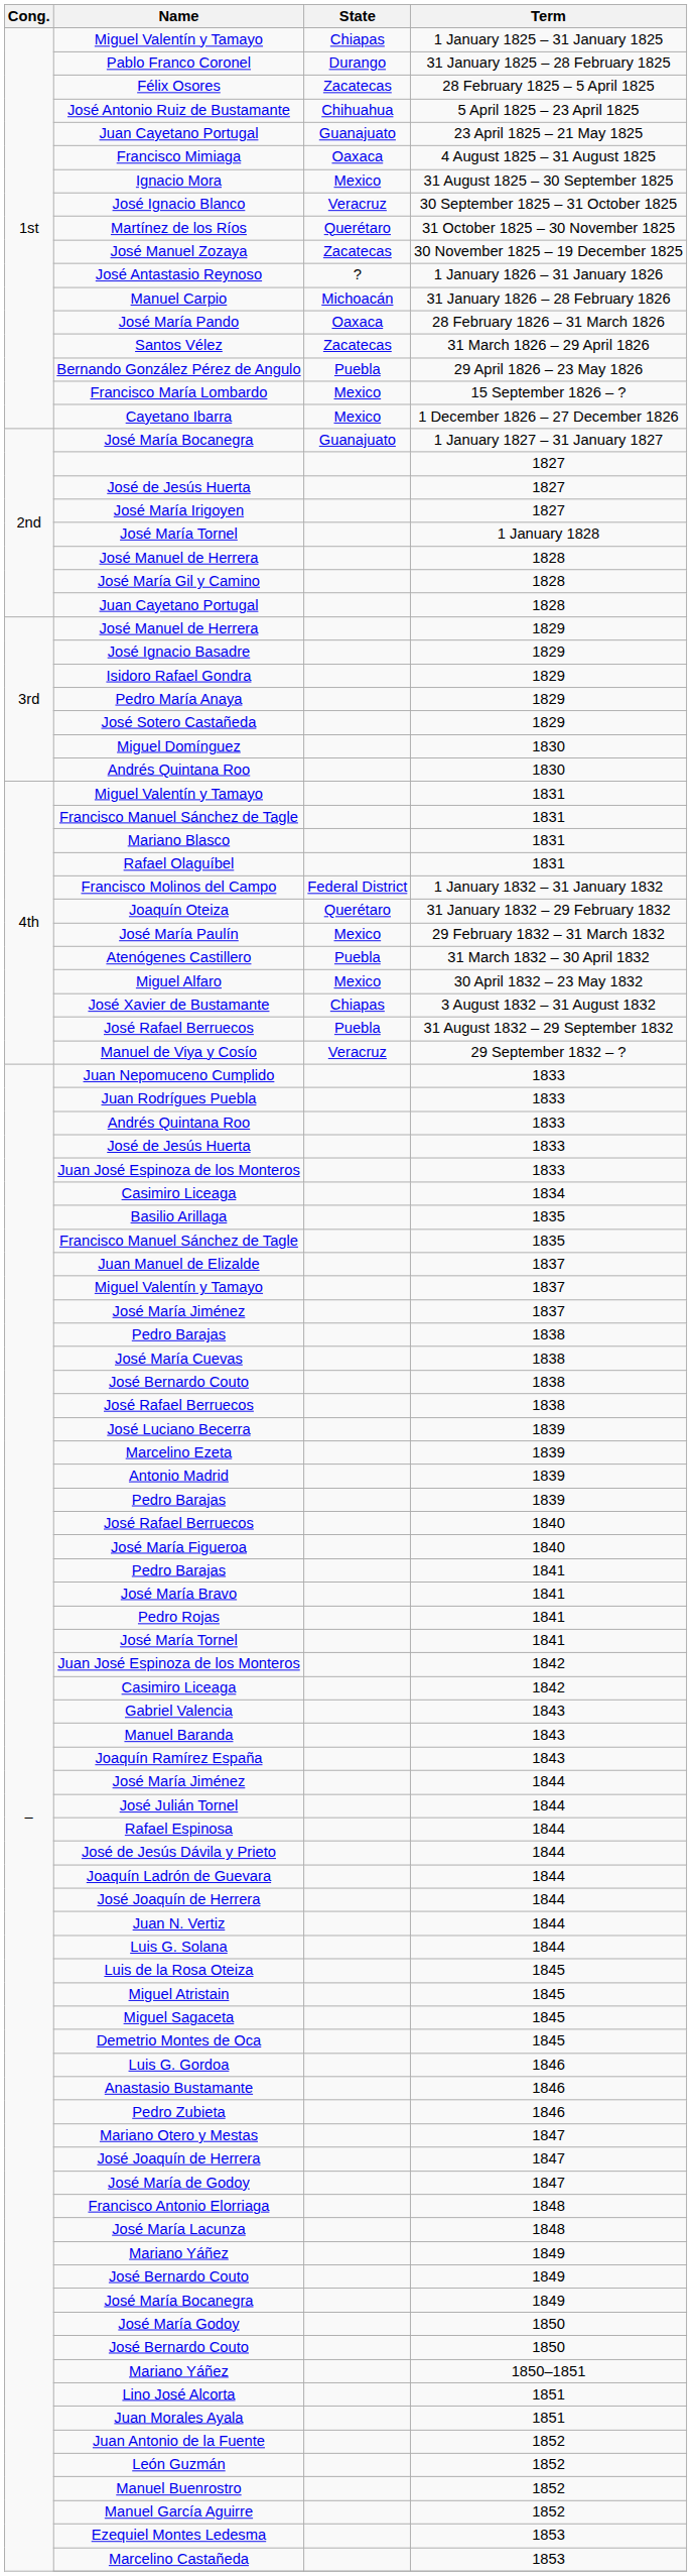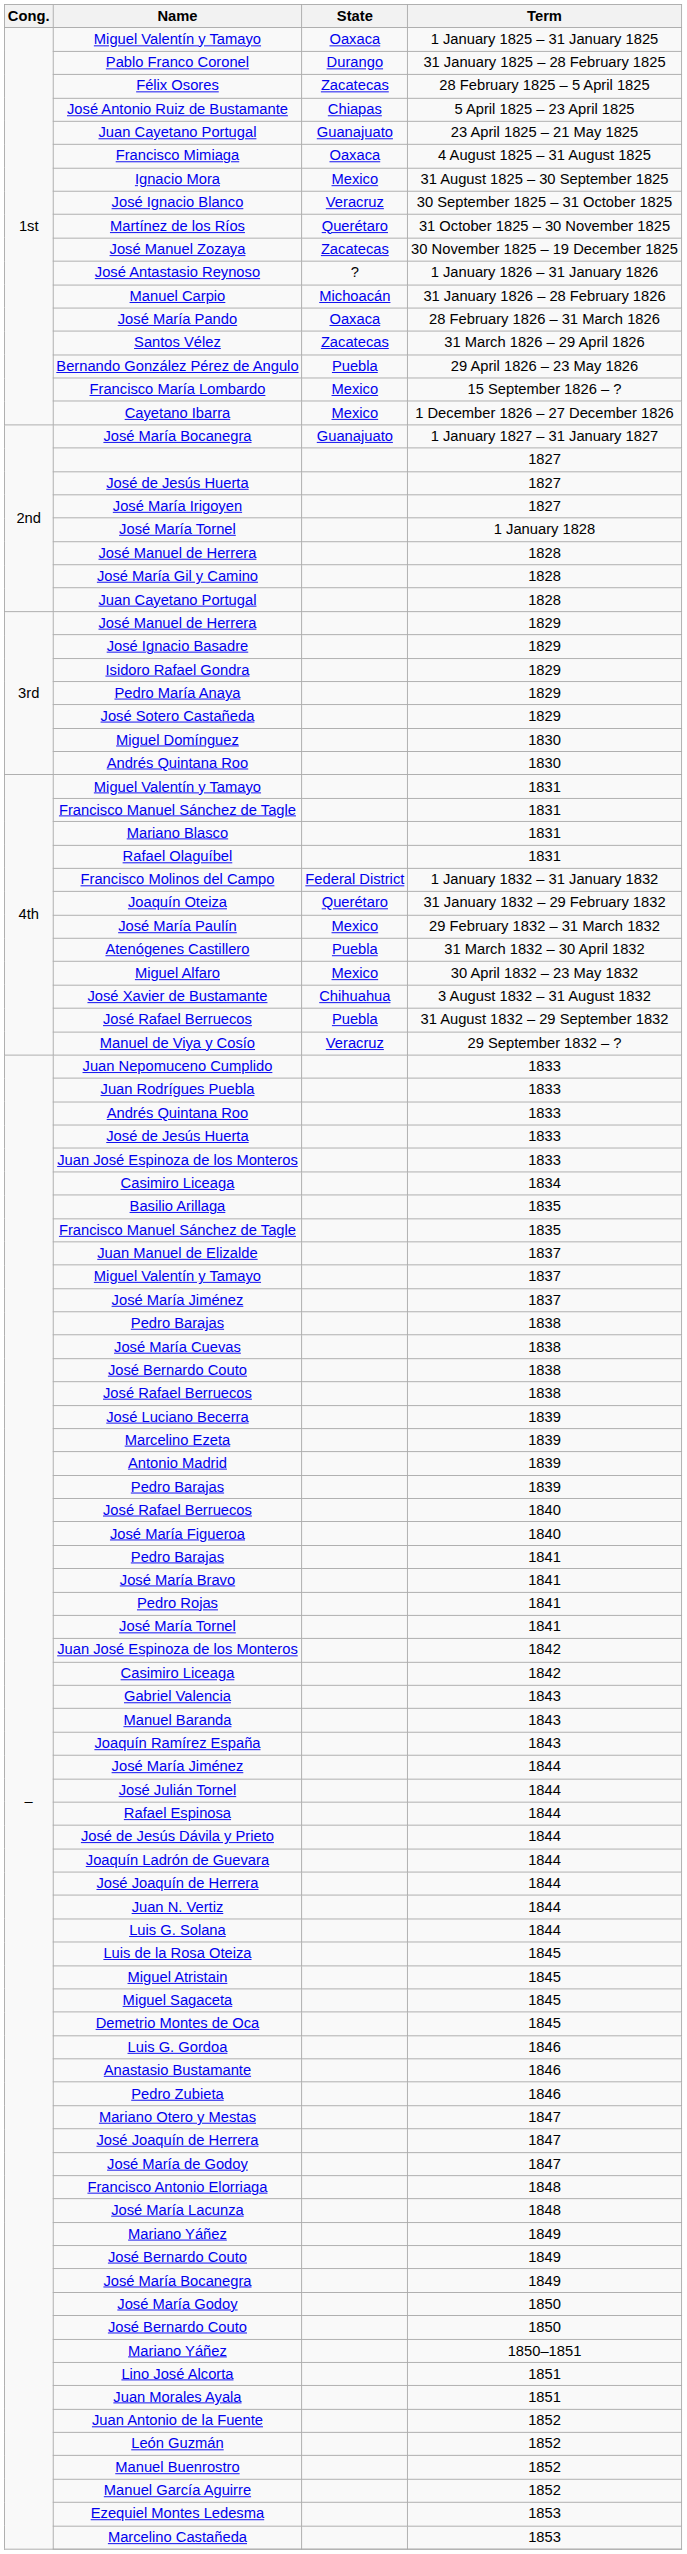 <table class="wikitable" style="text-align: center;">
 <tr>
 <th><abbr>Cong</abbr>.</th>
 <th>Name</th>
 <th>State</th>
 <th>Term</th>
 </tr>
 <tr>
 <td rowspan=17>1st</td>
 <td><a href='#'>Miguel Valentín y Tamayo</a></td>
-<td><a href='#'>Chiapas</a></td>
+<td><a href='#'>Oaxaca</a></td>
 <td>1 January 1825 – 31 January 1825</td>
 </tr>
 <tr>
 <td><a href='#'>Pablo Franco Coronel</a></td>
 <td><a href='#'>Durango</a></td>
 <td>31 January 1825 – 28 February 1825</td>
 </tr>
 <tr>
 <td><a href='#'>Félix Osores</a></td>
 <td><a href='#'>Zacatecas</a></td>
 <td>28 February 1825 – 5 April 1825</td>
 </tr>
 <tr>
 <td><a href='#'>José Antonio Ruiz de Bustamante</a></td>
-<td><a href='#'>Chihuahua</a></td>
+<td><a href='#'>Chiapas</a></td>
 <td>5 April 1825 – 23 April 1825</td>
 </tr>
 <tr>
 <td><a href='#'>Juan Cayetano Portugal</a></td>
 <td><a href='#'>Guanajuato</a></td>
 <td>23 April 1825 – 21 May 1825</td>
 </tr>
 <tr>
 <td><a href='#'>Francisco Mimiaga</a></td>
 <td><a href='#'>Oaxaca</a></td>
 <td>4 August 1825 – 31 August 1825</td>
 </tr>
 <tr>
 <td><a href='#'>Ignacio Mora</a></td>
 <td><a href='#'>Mexico</a></td>
 <td>31 August 1825 – 30 September 1825</td>
 </tr>
 <tr>
 <td><a href='#'>José Ignacio Blanco</a></td>
 <td><a href='#'>Veracruz</a></td>
 <td>30 September 1825 – 31 October 1825</td>
 </tr>
 <tr>
 <td><a href='#'>Martínez de los Ríos</a></td>
 <td><a href='#'>Querétaro</a></td>
 <td>31 October 1825 – 30 November 1825</td>
 </tr>
 <tr>
 <td><a href='#'>José Manuel Zozaya</a></td>
 <td><a href='#'>Zacatecas</a></td>
 <td>30 November 1825 – 19 December 1825</td>
 </tr>
 <tr>
 <td><a href='#'>José Antastasio Reynoso</a></td>
 <td>?</td>
 <td>1 January 1826 – 31 January 1826</td>
 </tr>
 <tr>
 <td><a href='#'>Manuel Carpio</a></td>
 <td><a href='#'>Michoacán</a></td>
 <td>31 January 1826 – 28 February 1826</td>
 </tr>
 <tr>
 <td><a href='#'>José María Pando</a></td>
 <td><a href='#'>Oaxaca</a></td>
 <td>28 February 1826 – 31 March 1826</td>
 </tr>
 <tr>
 <td><a href='#'>Santos Vélez</a></td>
 <td><a href='#'>Zacatecas</a></td>
 <td>31 March 1826 – 29 April 1826</td>
 </tr>
 <tr>
 <td><a href='#'>Bernando González Pérez de Angulo</a></td>
 <td><a href='#'>Puebla</a></td>
 <td>29 April 1826 – 23 May 1826</td>
 </tr>
 <tr>
 <td><a href='#'>Francisco María Lombardo</a></td>
 <td><a href='#'>Mexico</a></td>
 <td>15 September 1826 – ?</td>
 </tr>
 <tr>
 <td><a href='#'>Cayetano Ibarra</a></td>
 <td><a href='#'>Mexico</a></td>
 <td>1 December 1826 – 27 December 1826</td>
 </tr>
 <tr>
 <td rowspan=8>2nd</td>
 <td><a href='#'>José María Bocanegra</a></td>
 <td><a href='#'>Guanajuato</a></td>
 <td>1 January 1827 – 31 January 1827</td>
 </tr>
 <tr>
 <td></td>
 <td></td>
 <td>1827</td>
 </tr>
 <tr>
 <td><a href='#'>José de Jesús Huerta</a></td>
 <td></td>
 <td>1827</td>
 </tr>
 <tr>
 <td><a href='#'>José María Irigoyen</a></td>
 <td></td>
 <td>1827</td>
 </tr>
 <tr>
 <td><a href='#'>José María Tornel</a></td>
 <td></td>
 <td>1 January 1828</td>
 </tr>
 <tr>
 <td><a href='#'>José Manuel de Herrera</a></td>
 <td></td>
 <td>1828</td>
 </tr>
 <tr>
 <td><a href='#'>José María Gil y Camino</a></td>
 <td></td>
 <td>1828</td>
 </tr>
 <tr>
 <td><a href='#'>Juan Cayetano Portugal</a></td>
 <td></td>
 <td>1828</td>
 </tr>
 <tr>
 <td rowspan=7>3rd</td>
 <td><a href='#'>José Manuel de Herrera</a></td>
 <td></td>
 <td>1829</td>
 </tr>
 <tr>
 <td><a href='#'>José Ignacio Basadre</a></td>
 <td></td>
 <td>1829</td>
 </tr>
 <tr>
 <td><a href='#'>Isidoro Rafael Gondra</a></td>
 <td></td>
 <td>1829</td>
 </tr>
 <tr>
 <td><a href='#'>Pedro María Anaya</a></td>
 <td></td>
 <td>1829</td>
 </tr>
 <tr>
 <td><a href='#'>José Sotero Castañeda</a></td>
 <td></td>
 <td>1829</td>
 </tr>
 <tr>
 <td><a href='#'>Miguel Domínguez</a></td>
 <td></td>
 <td>1830</td>
 </tr>
 <tr>
 <td><a href='#'>Andrés Quintana Roo</a></td>
 <td></td>
 <td>1830</td>
 </tr>
 <tr>
 <td rowspan=12>4th</td>
 <td><a href='#'>Miguel Valentín y Tamayo</a></td>
 <td></td>
 <td>1831</td>
 </tr>
 <tr>
 <td><a href='#'>Francisco Manuel Sánchez de Tagle</a></td>
 <td></td>
 <td>1831</td>
 </tr>
 <tr>
 <td><a href='#'>Mariano Blasco</a></td>
 <td></td>
 <td>1831</td>
 </tr>
 <tr>
 <td><a href='#'>Rafael Olaguíbel</a></td>
 <td></td>
 <td>1831</td>
 </tr>
 <tr>
 <td><a href='#'>Francisco Molinos del Campo</a></td>
 <td><a href='#'>Federal District</a></td>
 <td>1 January 1832 – 31 January 1832</td>
 </tr>
 <tr>
 <td><a href='#'>Joaquín Oteiza</a></td>
 <td><a href='#'>Querétaro</a></td>
 <td>31 January 1832 – 29 February 1832</td>
 </tr>
 <tr>
 <td><a href='#'>José María Paulín</a></td>
 <td><a href='#'>Mexico</a></td>
 <td>29 February 1832 – 31 March 1832</td>
 </tr>
 <tr>
 <td><a href='#'>Atenógenes Castillero</a></td>
 <td><a href='#'>Puebla</a></td>
 <td>31 March 1832 – 30 April 1832</td>
 </tr>
 <tr>
 <td><a href='#'>Miguel Alfaro</a></td>
 <td><a href='#'>Mexico</a></td>
 <td>30 April 1832 – 23 May 1832</td>
 </tr>
 <tr>
 <td><a href='#'>José Xavier de Bustamante</a></td>
-<td><a href='#'>Chiapas</a></td>
+<td><a href='#'>Chihuahua</a></td>
 <td>3 August 1832 – 31 August 1832</td>
 </tr>
 <tr>
 <td><a href='#'>José Rafael Berruecos</a></td>
 <td><a href='#'>Puebla</a></td>
 <td>31 August 1832 – 29 September 1832</td>
 </tr>
 <tr>
 <td><a href='#'>Manuel de Viya y Cosío</a></td>
 <td><a href='#'>Veracruz</a></td>
 <td>29 September 1832 – ?</td>
 </tr>
 <tr>
 <td rowspan=65>–</td>
 <td><a href='#'>Juan Nepomuceno Cumplido</a></td>
 <td></td>
 <td>1833</td>
 </tr>
 <tr>
 <td><a href='#'>Juan Rodrígues Puebla</a></td>
 <td></td>
 <td>1833</td>
 </tr>
 <tr>
 <td><a href='#'>Andrés Quintana Roo</a></td>
 <td></td>
 <td>1833</td>
 </tr>
 <tr>
 <td><a href='#'>José de Jesús Huerta</a></td>
 <td></td>
 <td>1833</td>
 </tr>
 <tr>
 <td><a href='#'>Juan José Espinoza de los Monteros</a></td>
 <td></td>
 <td>1833</td>
 </tr>
 <tr>
 <td><a href='#'>Casimiro Liceaga</a></td>
 <td></td>
 <td>1834</td>
 </tr>
 <tr>
 <td><a href='#'>Basilio Arillaga</a></td>
 <td></td>
 <td>1835</td>
 </tr>
 <tr>
 <td><a href='#'>Francisco Manuel Sánchez de Tagle</a></td>
 <td></td>
 <td>1835</td>
 </tr>
 <tr>
 <td><a href='#'>Juan Manuel de Elizalde</a></td>
 <td></td>
 <td>1837</td>
 </tr>
 <tr>
 <td><a href='#'>Miguel Valentín y Tamayo</a></td>
 <td></td>
 <td>1837</td>
 </tr>
 <tr>
 <td><a href='#'>José María Jiménez</a></td>
 <td></td>
 <td>1837</td>
 </tr>
 <tr>
 <td><a href='#'>Pedro Barajas</a></td>
 <td></td>
 <td>1838</td>
 </tr>
 <tr>
 <td><a href='#'>José María Cuevas</a></td>
 <td></td>
 <td>1838</td>
 </tr>
 <tr>
 <td><a href='#'>José Bernardo Couto</a></td>
 <td></td>
 <td>1838</td>
 </tr>
 <tr>
 <td><a href='#'>José Rafael Berruecos</a></td>
 <td></td>
 <td>1838</td>
 </tr>
 <tr>
 <td><a href='#'>José Luciano Becerra</a></td>
 <td></td>
 <td>1839</td>
 </tr>
 <tr>
 <td><a href='#'>Marcelino Ezeta</a></td>
 <td></td>
 <td>1839</td>
 </tr>
 <tr>
 <td><a href='#'>Antonio Madrid</a></td>
 <td></td>
 <td>1839</td>
 </tr>
 <tr>
 <td><a href='#'>Pedro Barajas</a></td>
 <td></td>
 <td>1839</td>
 </tr>
 <tr>
 <td><a href='#'>José Rafael Berruecos</a></td>
 <td></td>
 <td>1840</td>
 </tr>
 <tr>
 <td><a href='#'>José María Figueroa</a></td>
 <td></td>
 <td>1840</td>
 </tr>
 <tr>
 <td><a href='#'>Pedro Barajas</a></td>
 <td></td>
 <td>1841</td>
 </tr>
 <tr>
 <td><a href='#'>José María Bravo</a></td>
 <td></td>
 <td>1841</td>
 </tr>
 <tr>
 <td><a href='#'>Pedro Rojas</a></td>
 <td></td>
 <td>1841</td>
 </tr>
 <tr>
 <td><a href='#'>José María Tornel</a></td>
 <td></td>
 <td>1841</td>
 </tr>
 <tr>
 <td><a href='#'>Juan José Espinoza de los Monteros</a></td>
 <td></td>
 <td>1842</td>
 </tr>
 <tr>
 <td><a href='#'>Casimiro Liceaga</a></td>
 <td></td>
 <td>1842</td>
 </tr>
 <tr>
 <td><a href='#'>Gabriel Valencia</a></td>
 <td></td>
 <td>1843</td>
 </tr>
 <tr>
 <td><a href='#'>Manuel Baranda</a></td>
 <td></td>
 <td>1843</td>
 </tr>
 <tr>
 <td><a href='#'>Joaquín Ramírez España</a></td>
 <td></td>
 <td>1843</td>
 </tr>
 <tr>
 <td><a href='#'>José María Jiménez</a></td>
 <td></td>
 <td>1844</td>
 </tr>
 <tr>
 <td><a href='#'>José Julián Tornel</a></td>
 <td></td>
 <td>1844</td>
 </tr>
 <tr>
 <td><a href='#'>Rafael Espinosa</a></td>
 <td></td>
 <td>1844</td>
 </tr>
 <tr>
 <td><a href='#'>José de Jesús Dávila y Prieto</a></td>
 <td></td>
 <td>1844</td>
 </tr>
 <tr>
 <td><a href='#'>Joaquín Ladrón de Guevara</a></td>
 <td></td>
 <td>1844</td>
 </tr>
 <tr>
 <td><a href='#'>José Joaquín de Herrera</a></td>
 <td></td>
 <td>1844</td>
 </tr>
 <tr>
 <td><a href='#'>Juan N. Vertiz</a></td>
 <td></td>
 <td>1844</td>
 </tr>
 <tr>
 <td><a href='#'>Luis G. Solana</a></td>
 <td></td>
 <td>1844</td>
 </tr>
 <tr>
 <td><a href='#'>Luis de la Rosa Oteiza</a></td>
 <td></td>
 <td>1845</td>
 </tr>
 <tr>
 <td><a href='#'>Miguel Atristain</a></td>
 <td></td>
 <td>1845</td>
 </tr>
 <tr>
 <td><a href='#'>Miguel Sagaceta</a></td>
 <td></td>
 <td>1845</td>
 </tr>
 <tr>
 <td><a href='#'>Demetrio Montes de Oca</a></td>
 <td></td>
 <td>1845</td>
 </tr>
 <tr>
 <td><a href='#'>Luis G. Gordoa</a></td>
 <td></td>
 <td>1846</td>
 </tr>
 <tr>
 <td><a href='#'>Anastasio Bustamante</a></td>
 <td></td>
 <td>1846</td>
 </tr>
 <tr>
 <td><a href='#'>Pedro Zubieta</a></td>
 <td></td>
 <td>1846</td>
 </tr>
 <tr>
 <td><a href='#'>Mariano Otero y Mestas</a></td>
 <td></td>
 <td>1847</td>
 </tr>
 <tr>
 <td><a href='#'>José Joaquín de Herrera</a></td>
 <td></td>
 <td>1847</td>
 </tr>
 <tr>
 <td><a href='#'>José María de Godoy</a></td>
 <td></td>
 <td>1847</td>
 </tr>
 <tr>
 <td><a href='#'>Francisco Antonio Elorriaga</a></td>
 <td></td>
 <td>1848</td>
 </tr>
 <tr>
 <td><a href='#'>José María Lacunza</a></td>
 <td></td>
 <td>1848</td>
 </tr>
 <tr>
 <td><a href='#'>Mariano Yáñez</a></td>
 <td></td>
 <td>1849</td>
 </tr>
 <tr>
 <td><a href='#'>José Bernardo Couto</a></td>
 <td></td>
 <td>1849</td>
 </tr>
 <tr>
 <td><a href='#'>José María Bocanegra</a></td>
 <td></td>
 <td>1849</td>
 </tr>
 <tr>
 <td><a href='#'>José María Godoy</a></td>
 <td></td>
 <td>1850</td>
 </tr>
 <tr>
 <td><a href='#'>José Bernardo Couto</a></td>
 <td></td>
 <td>1850</td>
 </tr>
 <tr>
 <td><a href='#'>Mariano Yáñez</a></td>
 <td></td>
 <td>1850–1851</td>
 </tr>
 <tr>
 <td><a href='#'>Lino José Alcorta</a></td>
 <td></td>
 <td>1851</td>
 </tr>
 <tr>
 <td><a href='#'>Juan Morales Ayala</a></td>
 <td></td>
 <td>1851</td>
 </tr>
 <tr>
 <td><a href='#'>Juan Antonio de la Fuente</a></td>
 <td></td>
 <td>1852</td>
 </tr>
 <tr>
 <td><a href='#'>León Guzmán</a></td>
 <td></td>
 <td>1852</td>
 </tr>
 <tr>
 <td><a href='#'>Manuel Buenrostro</a></td>
 <td></td>
 <td>1852</td>
 </tr>
 <tr>
 <td><a href='#'>Manuel García Aguirre</a></td>
 <td></td>
 <td>1852</td>
 </tr>
 <tr>
 <td><a href='#'>Ezequiel Montes Ledesma</a></td>
 <td></td>
 <td>1853</td>
 </tr>
 <tr>
 <td><a href='#'>Marcelino Castañeda</a></td>
 <td></td>
 <td>1853</td>
 </tr>
 <tr>
 </tr>
 </table>
